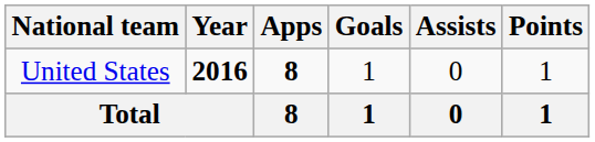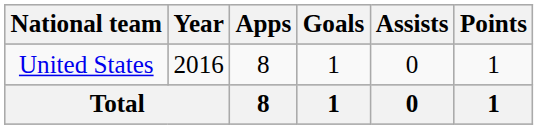 <table class="wikitable" style="text-align:center">
 <tr>
 <th>National team</th>
 <th>Year</th>
 <th>Apps</th>
 <th>Goals</th>
 <th>Assists</th>
 <th>Points</th>
 </tr>
 <tr>
 <td><a href='#'>United States</a></td>
-<td><strong>2016</strong></td>
-<td><strong>8</strong></td>
+<td>2016</td>
+<td>8</td>
 <td>1</td>
 <td>0</td>
 <td>1</td>
 </tr>
 <tr>
 <th colspan="2">Total</th>
 <th>8</th>
 <th>1</th>
 <th>0</th>
 <th>1</th>
 </tr>
 </table>
